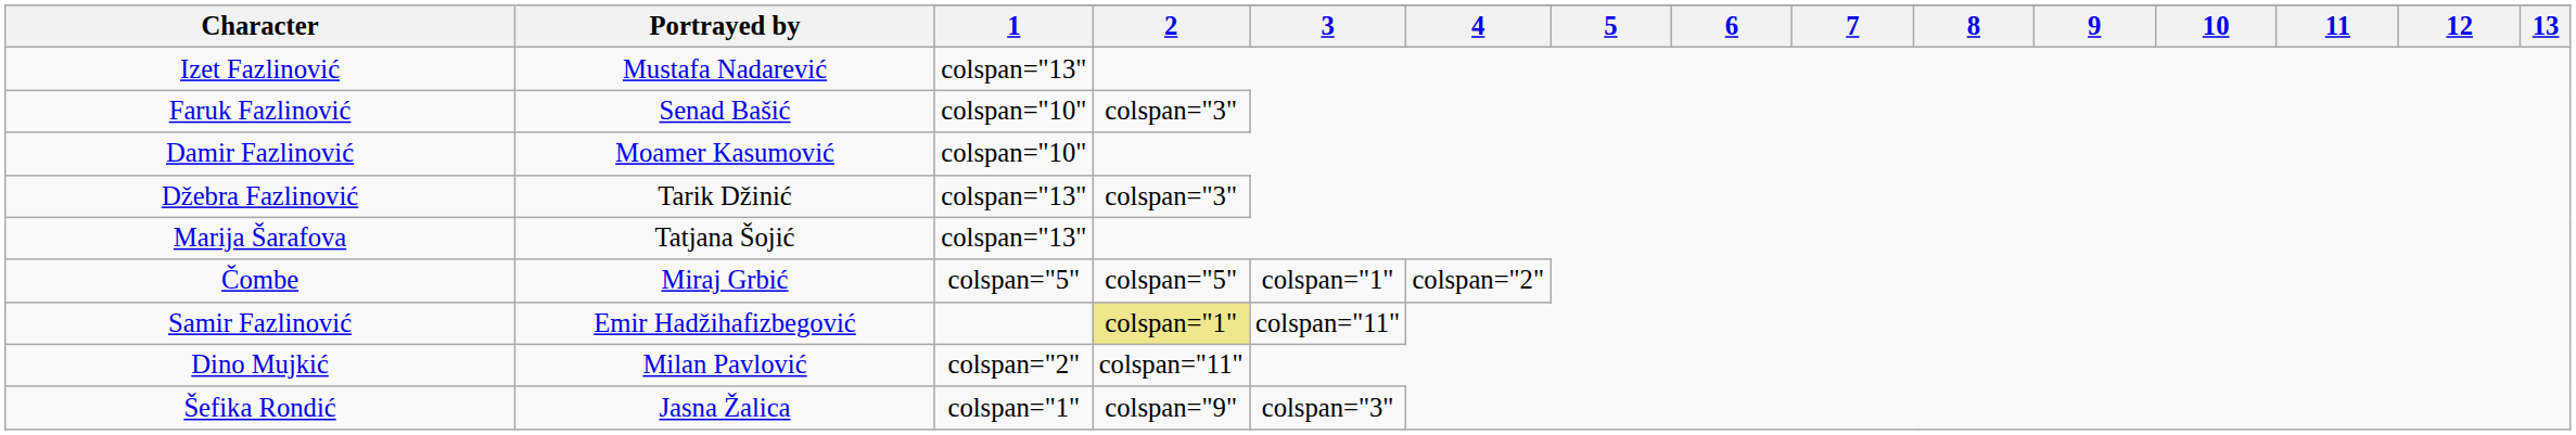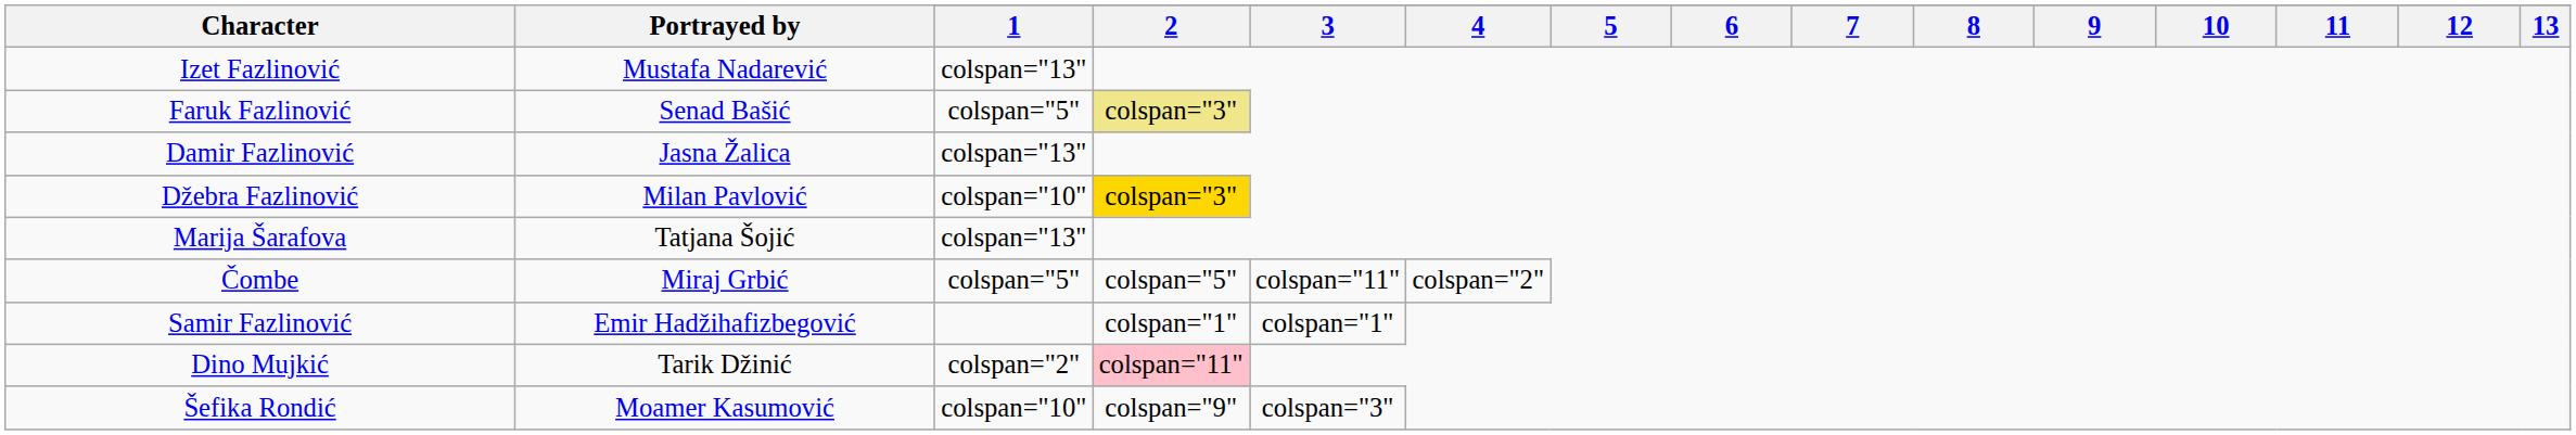 <table class="wikitable plainrowheaders" style="text-align:center; width:97%;">
 <tr>
 <th scope="col" rowspan="2" style="width:21%;">Character</th>
 <th scope="col" rowspan="2" style="width:17%;">Portrayed by</th>
 </tr>
 <tr>
 <th scope="col" style="width:5%;"><a href='#'>1</a></th>
 <th scope="col" style="width:5%;"><a href='#'>2</a></th>
 <th scope="col" style="width:5%;"><a href='#'>3</a></th>
 <th scope="col" style="width:5%;"><a href='#'>4</a></th>
 <th scope="col" style="width:5%;"><a href='#'>5</a></th>
 <th scope="col" style="width:5%;"><a href='#'>6</a></th>
 <th scope="col" style="width:5%;"><a href='#'>7</a></th>
 <th scope="col" style="width:5%;"><a href='#'>8</a></th>
 <th scope="col" style="width:5%;"><a href='#'>9</a></th>
 <th scope="col" style="width:5%;"><a href='#'>10</a></th>
 <th scope="col" style="width:5%;"><a href='#'>11</a></th>
 <th scope="col" style="width:5%;"><a href='#'>12</a></th>
 <th scope="col" style="width:5%;"><a href='#'>13</a></th>
 </tr>
 <tr>
 <td scope="row"><a href='#'>Izet Fazlinović</a></td>
 <td><a href='#'>Mustafa Nadarević</a></td>
 <td>colspan="13" </td>
 </tr>
 <tr>
 <td scope="row"><a href='#'>Faruk Fazlinović</a></td>
 <td><a href='#'>Senad Bašić</a></td>
-<td>colspan="10" </td>
-<td>colspan="3" </td>
+<td>colspan="5" </td>
+<td style="background: khaki;">colspan="3" </td>
 </tr>
 <tr>
 <td scope="row"><a href='#'>Damir Fazlinović</a></td>
-<td><a href='#'>Moamer Kasumović</a></td>
-<td>colspan="10" </td>
+<td><a href='#'>Jasna Žalica</a></td>
+<td>colspan="13" </td>
 </tr>
 <tr>
 <td scope="row"><a href='#'>Džebra Fazlinović</a></td>
-<td>Tarik Džinić</td>
-<td>colspan="13" </td>
-<td>colspan="3" </td>
+<td><a href='#'>Milan Pavlović</a></td>
+<td>colspan="10" </td>
+<td style="background: gold;">colspan="3" </td>
 </tr>
 <tr>
 <td scope="row"><a href='#'>Marija Šarafova</a></td>
 <td>Tatjana Šojić</td>
 <td>colspan="13" </td>
 </tr>
 <tr>
 <td scope="row"><a href='#'>Čombe</a></td>
 <td><a href='#'>Miraj Grbić</a></td>
 <td>colspan="5" </td>
 <td>colspan="5" </td>
-<td>colspan="1" </td>
+<td>colspan="11" </td>
 <td>colspan="2" </td>
 </tr>
 <tr>
 <td scope="row"><a href='#'>Samir Fazlinović</a></td>
 <td><a href='#'>Emir Hadžihafizbegović</a></td>
 <td></td>
-<td style="background: khaki;">colspan="1" </td>
-<td>colspan="11" </td>
+<td>colspan="1" </td>
+<td>colspan="1" </td>
 </tr>
 <tr>
 <td scope="row"><a href='#'>Dino Mujkić</a></td>
-<td><a href='#'>Milan Pavlović</a></td>
+<td>Tarik Džinić</td>
 <td>colspan="2" </td>
-<td>colspan="11" </td>
+<td style="background: pink;">colspan="11" </td>
 </tr>
 <tr>
 <td scope="row"><a href='#'>Šefika Rondić</a></td>
-<td><a href='#'>Jasna Žalica</a></td>
-<td>colspan="1" </td>
+<td><a href='#'>Moamer Kasumović</a></td>
+<td>colspan="10" </td>
 <td>colspan="9" </td>
 <td>colspan="3" </td>
 </tr>
 </table>
